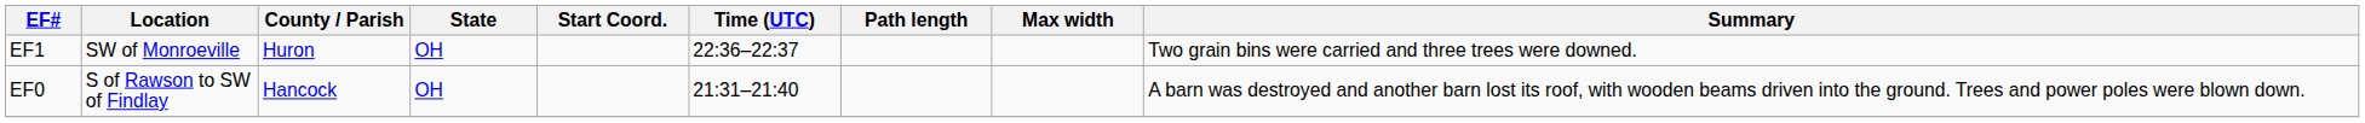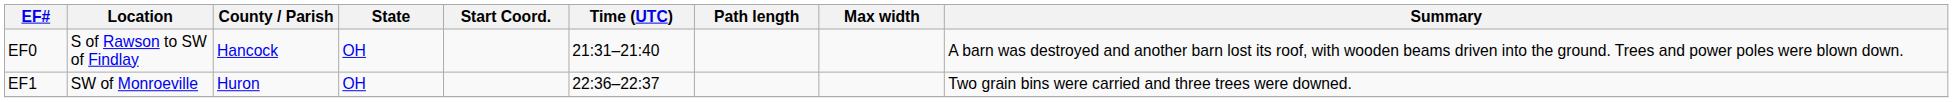 <table class="wikitable sortable" style="width:100%;">
 <tr>
 <th scope="col"  style="width:3%; text-align:center;"><a href='#'>EF#</a></th>
 <th scope="col"  style="width:7%; text-align:center;" class="unsortable">Location</th>
 <th scope="col"  style="width:6%; text-align:center;" class="unsortable">County / Parish</th>
 <th scope="col"  style="width:5%; text-align:center;">State</th>
 <th scope="col"  style="width:6%; text-align:center;">Start Coord.</th>
 <th scope="col"  style="width:6%; text-align:center;">Time (<a href='#'>UTC</a>)</th>
 <th scope="col"  style="width:6%; text-align:center;">Path length</th>
 <th scope="col"  style="width:6%; text-align:center;">Max width</th>
 <th scope="col" class="unsortable" style="width:48%; text-align:center;">Summary</th>
 </tr>
 <tr>
+<td>EF0</td>
+<td>S of <a href='#'>Rawson</a> to SW of <a href='#'>Findlay</a></td>
+<td><a href='#'>Hancock</a></td>
+<td><a href='#'>OH</a></td>
+<td></td>
+<td>21:31–21:40</td>
+<td></td>
+<td></td>
+<td>A barn was destroyed and another barn lost its roof, with wooden beams driven into the ground. Trees and power poles were blown down.</td>
+</tr>
+<tr>
 <td>EF1</td>
 <td>SW of <a href='#'>Monroeville</a></td>
 <td><a href='#'>Huron</a></td>
 <td><a href='#'>OH</a></td>
 <td></td>
 <td>22:36–22:37</td>
 <td></td>
 <td></td>
 <td>Two grain bins were carried  and three trees were downed.</td>
 </tr>
 <tr>
-<td>EF0</td>
-<td>S of <a href='#'>Rawson</a> to SW of <a href='#'>Findlay</a></td>
-<td><a href='#'>Hancock</a></td>
-<td><a href='#'>OH</a></td>
-<td></td>
-<td>21:31–21:40</td>
-<td></td>
-<td></td>
-<td>A barn was destroyed and another barn lost its roof, with wooden beams driven into the ground. Trees and power poles were blown down.</td>
-</tr>
-<tr>
 </tr>
 </table>
